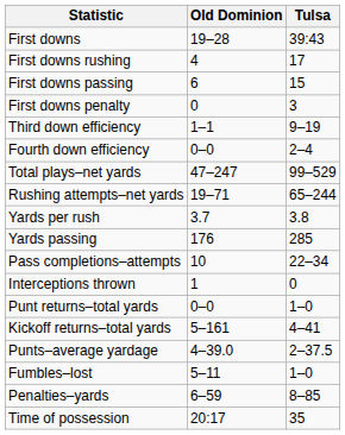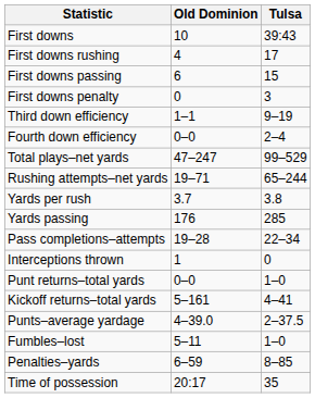 <table class="wikitable">
 <tr>
 <th>Statistic</th>
 <th>Old Dominion</th>
 <th>Tulsa</th>
 </tr>
 <tr>
 <td>First downs</td>
-<td>19–28</td>
+<td>10</td>
 <td>39:43</td>
 </tr>
 <tr>
 <td>First downs rushing</td>
 <td>4</td>
 <td>17</td>
 </tr>
 <tr>
 <td>First downs passing</td>
 <td>6</td>
 <td>15</td>
 </tr>
 <tr>
 <td>First downs penalty</td>
 <td>0</td>
 <td>3</td>
 </tr>
 <tr>
 <td>Third down efficiency</td>
 <td>1–1</td>
 <td>9–19</td>
 </tr>
 <tr>
 <td>Fourth down efficiency</td>
 <td>0–0</td>
 <td>2–4</td>
 </tr>
 <tr>
 <td>Total plays–net yards</td>
 <td>47–247</td>
 <td>99–529</td>
 </tr>
 <tr>
 <td>Rushing attempts–net yards</td>
 <td>19–71</td>
 <td>65–244</td>
 </tr>
 <tr>
 <td>Yards per rush</td>
 <td>3.7</td>
 <td>3.8</td>
 </tr>
 <tr>
 <td>Yards passing</td>
 <td>176</td>
 <td>285</td>
 </tr>
 <tr>
 <td>Pass completions–attempts</td>
-<td>10</td>
+<td>19–28</td>
 <td>22–34</td>
 </tr>
 <tr>
 <td>Interceptions thrown</td>
 <td>1</td>
 <td>0</td>
 </tr>
 <tr>
 <td>Punt returns–total yards</td>
 <td>0–0</td>
 <td>1–0</td>
 </tr>
 <tr>
 <td>Kickoff returns–total yards</td>
 <td>5–161</td>
 <td>4–41</td>
 </tr>
 <tr>
 <td>Punts–average yardage</td>
 <td>4–39.0</td>
 <td>2–37.5</td>
 </tr>
 <tr>
 <td>Fumbles–lost</td>
 <td>5–11</td>
 <td>1–0</td>
 </tr>
 <tr>
 <td>Penalties–yards</td>
 <td>6–59</td>
 <td>8–85</td>
 </tr>
 <tr>
 <td>Time of possession</td>
 <td>20:17</td>
 <td>35</td>
 </tr>
 </table>
